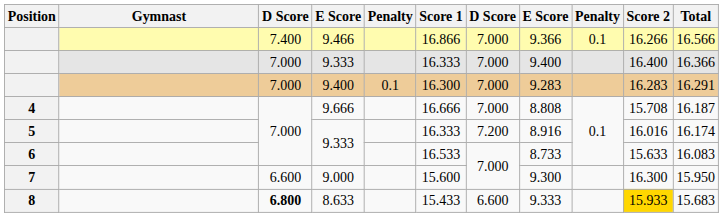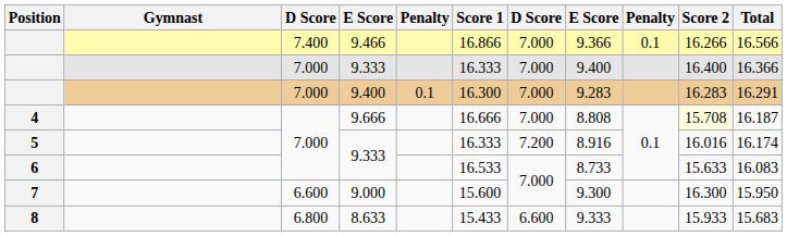 <table class="wikitable sortable" style="text-align:center; font-size:95%">
 <tr>
 <th scope=col>Position</th>
 <th scope="col" style="width:210px;">Gymnast</th>
 <th scope=col>D Score</th>
 <th scope=col>E Score</th>
 <th scope=col>Penalty</th>
 <th scope=col>Score 1</th>
 <th scope=col>D Score</th>
 <th scope=col>E Score</th>
 <th scope=col>Penalty</th>
 <th scope=col>Score 2</th>
 <th scope=col>Total</th>
 </tr>
 <tr style="background:#fffcaf;">
 <th scope=row></th>
 <td style="text-align:left;"></td>
 <td>7.400</td>
 <td>9.466</td>
 <td></td>
 <td>16.866</td>
 <td>7.000</td>
 <td>9.366</td>
 <td>0.1</td>
 <td>16.266</td>
 <td>16.566</td>
 </tr>
 <tr style="background:#e5e5e5;">
 <th scope=row></th>
 <td style="text-align:left;"></td>
 <td>7.000</td>
 <td>9.333</td>
 <td></td>
 <td>16.333</td>
 <td>7.000</td>
 <td>9.400</td>
 <td></td>
 <td>16.400</td>
 <td>16.366</td>
 </tr>
 <tr style="background:#ec9;">
 <th scope=row></th>
 <td style="text-align:left;"></td>
 <td>7.000</td>
 <td>9.400</td>
 <td>0.1</td>
 <td>16.300</td>
 <td>7.000</td>
 <td>9.283</td>
 <td></td>
 <td>16.283</td>
 <td>16.291</td>
 </tr>
 <tr>
 <th scope=row>4</th>
 <td style="text-align:left;"></td>
 <td rowspan="3">7.000</td>
 <td>9.666</td>
 <td></td>
 <td>16.666</td>
 <td>7.000</td>
 <td>8.808</td>
 <td rowspan="3">0.1</td>
-<td>15.708</td>
+<td style="background: lightyellow;">15.708</td>
 <td>16.187</td>
 </tr>
 <tr>
 <th scope=row>5</th>
 <td style="text-align:left;"></td>
 <td rowspan="2">9.333</td>
 <td></td>
 <td>16.333</td>
 <td>7.200</td>
 <td>8.916</td>
 <td>16.016</td>
 <td>16.174</td>
 </tr>
 <tr>
 <th scope=row>6</th>
 <td style="text-align:left;"></td>
 <td></td>
 <td>16.533</td>
 <td rowspan="2">7.000</td>
 <td>8.733</td>
 <td>15.633</td>
 <td>16.083</td>
 </tr>
 <tr>
 <th scope=row>7</th>
 <td style="text-align:left;"></td>
 <td>6.600</td>
 <td>9.000</td>
 <td></td>
 <td>15.600</td>
 <td>9.300</td>
 <td></td>
 <td>16.300</td>
 <td>15.950</td>
 </tr>
 <tr>
 <th scope=row>8</th>
 <td style="text-align:left;"></td>
-<td><strong>6.800</strong></td>
+<td>6.800</td>
 <td>8.633</td>
 <td></td>
 <td>15.433</td>
 <td>6.600</td>
 <td>9.333</td>
 <td></td>
-<td style="background: gold;">15.933</td>
+<td>15.933</td>
 <td>15.683</td>
 </tr>
 </table>
